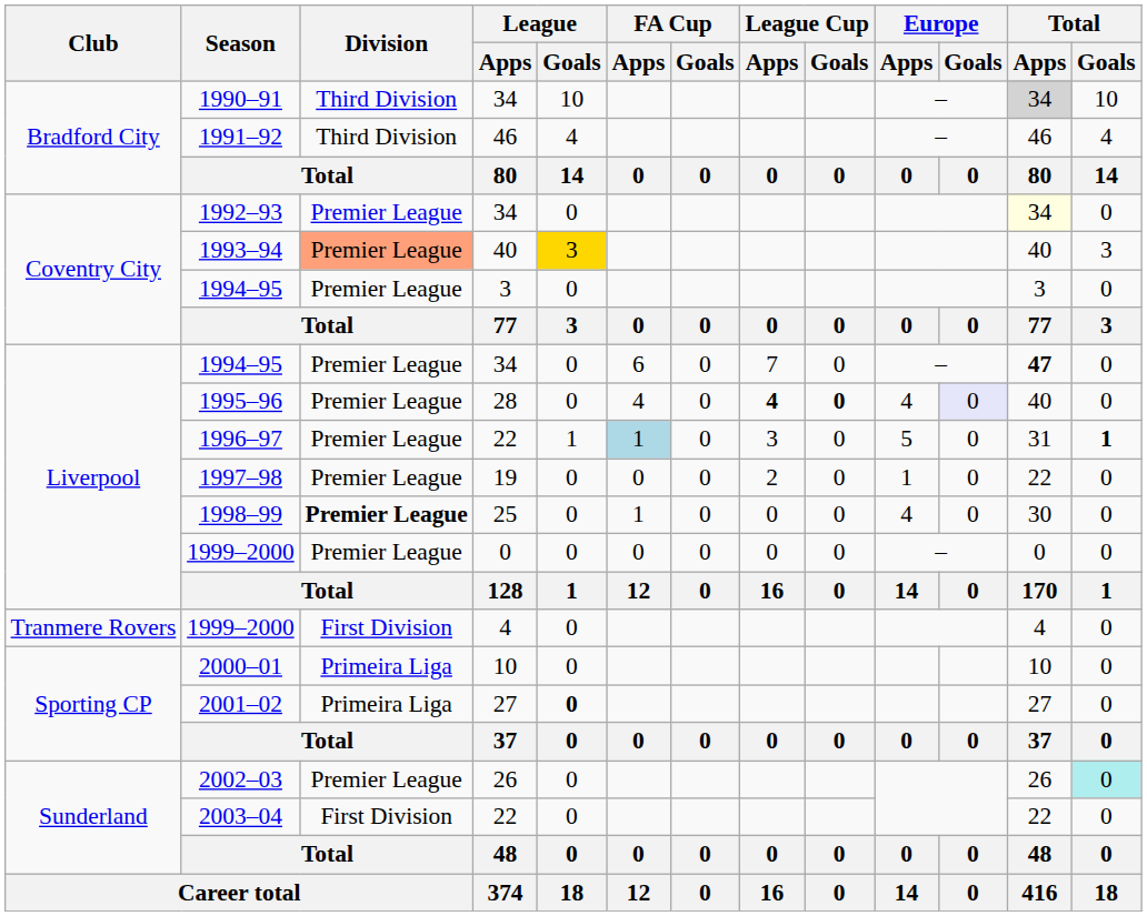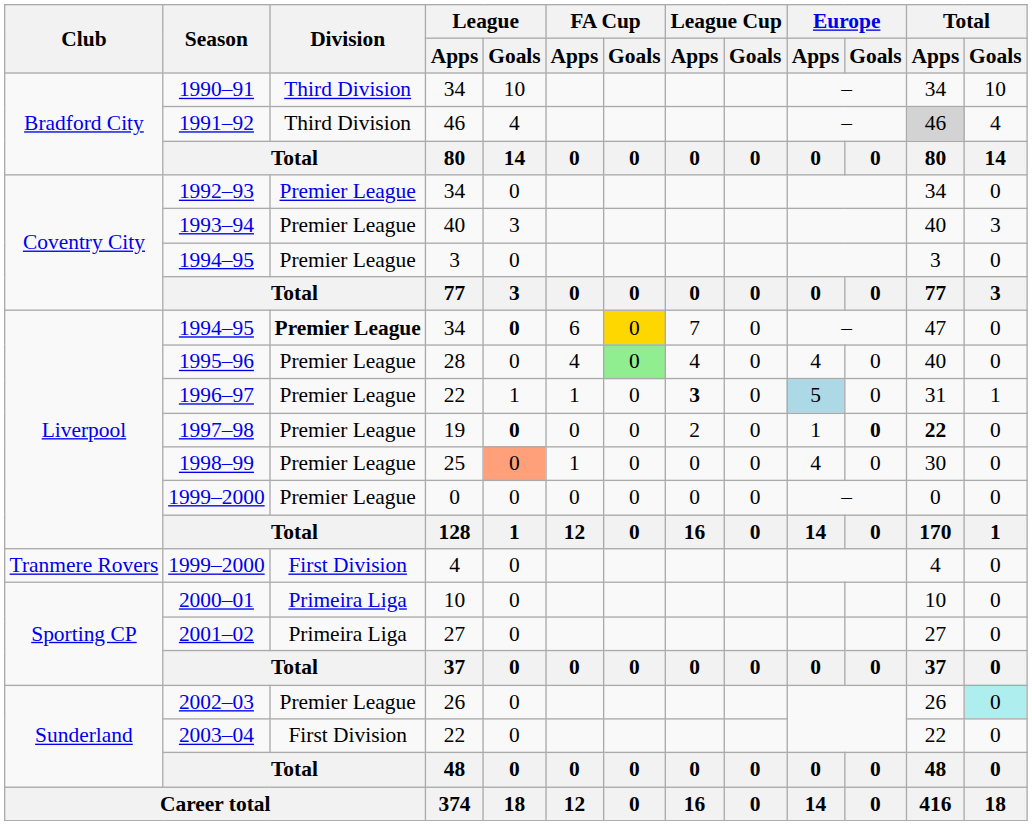 <table class="wikitable" style="text-align:center">
 <tr>
 <th rowspan="2">Club</th>
 <th rowspan="2">Season</th>
 <th rowspan="2">Division</th>
 <th colspan="2">League</th>
 <th colspan="2">FA Cup</th>
 <th colspan="2">League Cup</th>
 <th colspan="2"><a href='#'>Europe</a></th>
 <th colspan="2">Total</th>
 </tr>
 <tr>
 <th>Apps</th>
 <th>Goals</th>
 <th>Apps</th>
 <th>Goals</th>
 <th>Apps</th>
 <th>Goals</th>
 <th>Apps</th>
 <th>Goals</th>
 <th>Apps</th>
 <th>Goals</th>
 </tr>
 <tr>
 <td rowspan="3"><a href='#'>Bradford City</a></td>
 <td><a href='#'>1990–91</a></td>
 <td><a href='#'>Third Division</a></td>
 <td>34</td>
 <td>10</td>
 <td></td>
 <td></td>
 <td></td>
 <td></td>
 <td colspan="2">–</td>
-<td style="background: lightgrey;">34</td>
+<td>34</td>
 <td>10</td>
 </tr>
 <tr>
 <td><a href='#'>1991–92</a></td>
 <td>Third Division</td>
 <td>46</td>
 <td>4</td>
 <td></td>
 <td></td>
 <td></td>
 <td></td>
 <td colspan="2">–</td>
-<td>46</td>
+<td style="background: lightgrey;">46</td>
 <td>4</td>
 </tr>
 <tr>
 <th colspan="2">Total</th>
 <th>80</th>
 <th>14</th>
 <th>0</th>
 <th>0</th>
 <th>0</th>
 <th>0</th>
 <th>0</th>
 <th>0</th>
 <th>80</th>
 <th>14</th>
 </tr>
 <tr>
 <td rowspan="4"><a href='#'>Coventry City</a></td>
 <td><a href='#'>1992–93</a></td>
 <td><a href='#'>Premier League</a></td>
 <td>34</td>
 <td>0</td>
 <td></td>
 <td></td>
 <td></td>
 <td></td>
 <td colspan="2"></td>
-<td style="background: lightyellow;">34</td>
+<td>34</td>
 <td>0</td>
 </tr>
 <tr>
 <td><a href='#'>1993–94</a></td>
-<td style="background: lightsalmon;">Premier League</td>
+<td>Premier League</td>
 <td>40</td>
-<td style="background: gold;">3</td>
+<td>3</td>
 <td></td>
 <td></td>
 <td></td>
 <td></td>
 <td colspan="2"></td>
 <td>40</td>
 <td>3</td>
 </tr>
 <tr>
 <td><a href='#'>1994–95</a></td>
 <td>Premier League</td>
 <td>3</td>
 <td>0</td>
 <td></td>
 <td></td>
 <td></td>
 <td></td>
 <td colspan="2"></td>
 <td>3</td>
 <td>0</td>
 </tr>
 <tr>
 <th colspan="2">Total</th>
 <th>77</th>
 <th>3</th>
 <th>0</th>
 <th>0</th>
 <th>0</th>
 <th>0</th>
 <th>0</th>
 <th>0</th>
 <th>77</th>
 <th>3</th>
 </tr>
 <tr>
 <td rowspan="7"><a href='#'>Liverpool</a></td>
 <td><a href='#'>1994–95</a></td>
-<td>Premier League</td>
+<td><strong>Premier League</strong></td>
 <td>34</td>
-<td>0</td>
+<td><strong>0</strong></td>
 <td>6</td>
-<td>0</td>
+<td style="background: gold;">0</td>
 <td>7</td>
 <td>0</td>
 <td colspan="2">–</td>
-<td><strong>47</strong></td>
+<td>47</td>
 <td>0</td>
 </tr>
 <tr>
 <td><a href='#'>1995–96</a></td>
 <td>Premier League</td>
 <td>28</td>
 <td>0</td>
 <td>4</td>
+<td style="background: lightgreen;">0</td>
+<td>4</td>
 <td>0</td>
-<td><strong>4</strong></td>
-<td><strong>0</strong></td>
 <td>4</td>
-<td style="background: lavender;">0</td>
+<td>0</td>
 <td>40</td>
 <td>0</td>
 </tr>
 <tr>
 <td><a href='#'>1996–97</a></td>
 <td>Premier League</td>
 <td>22</td>
 <td>1</td>
-<td style="background: lightblue;">1</td>
+<td>1</td>
 <td>0</td>
-<td>3</td>
+<td><strong>3</strong></td>
 <td>0</td>
-<td>5</td>
+<td style="background: lightblue;">5</td>
 <td>0</td>
 <td>31</td>
-<td><strong>1</strong></td>
+<td>1</td>
 </tr>
 <tr>
 <td><a href='#'>1997–98</a></td>
 <td>Premier League</td>
 <td>19</td>
-<td>0</td>
+<td><strong>0</strong></td>
 <td>0</td>
 <td>0</td>
 <td>2</td>
 <td>0</td>
 <td>1</td>
-<td>0</td>
-<td>22</td>
+<td><strong>0</strong></td>
+<td><strong>22</strong></td>
 <td>0</td>
 </tr>
 <tr>
 <td><a href='#'>1998–99</a></td>
-<td><strong>Premier League</strong></td>
+<td>Premier League</td>
 <td>25</td>
-<td>0</td>
+<td style="background: lightsalmon;">0</td>
 <td>1</td>
 <td>0</td>
 <td>0</td>
 <td>0</td>
 <td>4</td>
 <td>0</td>
 <td>30</td>
 <td>0</td>
 </tr>
 <tr>
 <td><a href='#'>1999–2000</a></td>
 <td>Premier League</td>
 <td>0</td>
 <td>0</td>
 <td>0</td>
 <td>0</td>
 <td>0</td>
 <td>0</td>
 <td colspan="2">–</td>
 <td>0</td>
 <td>0</td>
 </tr>
 <tr>
 <th colspan="2">Total</th>
 <th>128</th>
 <th>1</th>
 <th>12</th>
 <th>0</th>
 <th>16</th>
 <th>0</th>
 <th>14</th>
 <th>0</th>
 <th>170</th>
 <th>1</th>
 </tr>
 <tr>
 <td><a href='#'>Tranmere Rovers</a></td>
 <td><a href='#'>1999–2000</a></td>
 <td><a href='#'>First Division</a></td>
 <td>4</td>
 <td>0</td>
 <td></td>
 <td></td>
 <td></td>
 <td></td>
 <td colspan="2"></td>
 <td>4</td>
 <td>0</td>
 </tr>
 <tr>
 <td rowspan="3"><a href='#'>Sporting CP</a></td>
 <td><a href='#'>2000–01</a></td>
 <td><a href='#'>Primeira Liga</a></td>
 <td>10</td>
 <td>0</td>
 <td></td>
 <td></td>
 <td></td>
 <td></td>
 <td></td>
 <td></td>
 <td>10</td>
 <td>0</td>
 </tr>
 <tr>
 <td><a href='#'>2001–02</a></td>
 <td>Primeira Liga</td>
 <td>27</td>
-<td><strong>0</strong></td>
+<td>0</td>
 <td></td>
 <td></td>
 <td></td>
 <td></td>
 <td></td>
 <td></td>
 <td>27</td>
 <td>0</td>
 </tr>
 <tr>
 <th colspan="2">Total</th>
 <th>37</th>
 <th>0</th>
 <th>0</th>
 <th>0</th>
 <th>0</th>
 <th>0</th>
 <th>0</th>
 <th>0</th>
 <th>37</th>
 <th>0</th>
 </tr>
 <tr>
 <td rowspan="3"><a href='#'>Sunderland</a></td>
 <td><a href='#'>2002–03</a></td>
 <td>Premier League</td>
 <td>26</td>
 <td>0</td>
 <td></td>
 <td></td>
 <td></td>
 <td></td>
 <td colspan=2 rowspan="2"></td>
 <td>26</td>
 <td style="background: paleturquoise;">0</td>
 </tr>
 <tr>
 <td><a href='#'>2003–04</a></td>
 <td>First Division</td>
 <td>22</td>
 <td>0</td>
 <td></td>
 <td></td>
 <td></td>
 <td></td>
 <td>22</td>
 <td>0</td>
 </tr>
 <tr>
 <th colspan="2">Total</th>
 <th>48</th>
 <th>0</th>
 <th>0</th>
 <th>0</th>
 <th>0</th>
 <th>0</th>
 <th>0</th>
 <th>0</th>
 <th>48</th>
 <th>0</th>
 </tr>
 <tr>
 <th colspan="3">Career total</th>
 <th>374</th>
 <th>18</th>
 <th>12</th>
 <th>0</th>
 <th>16</th>
 <th>0</th>
 <th>14</th>
 <th>0</th>
 <th>416</th>
 <th>18</th>
 </tr>
 </table>
